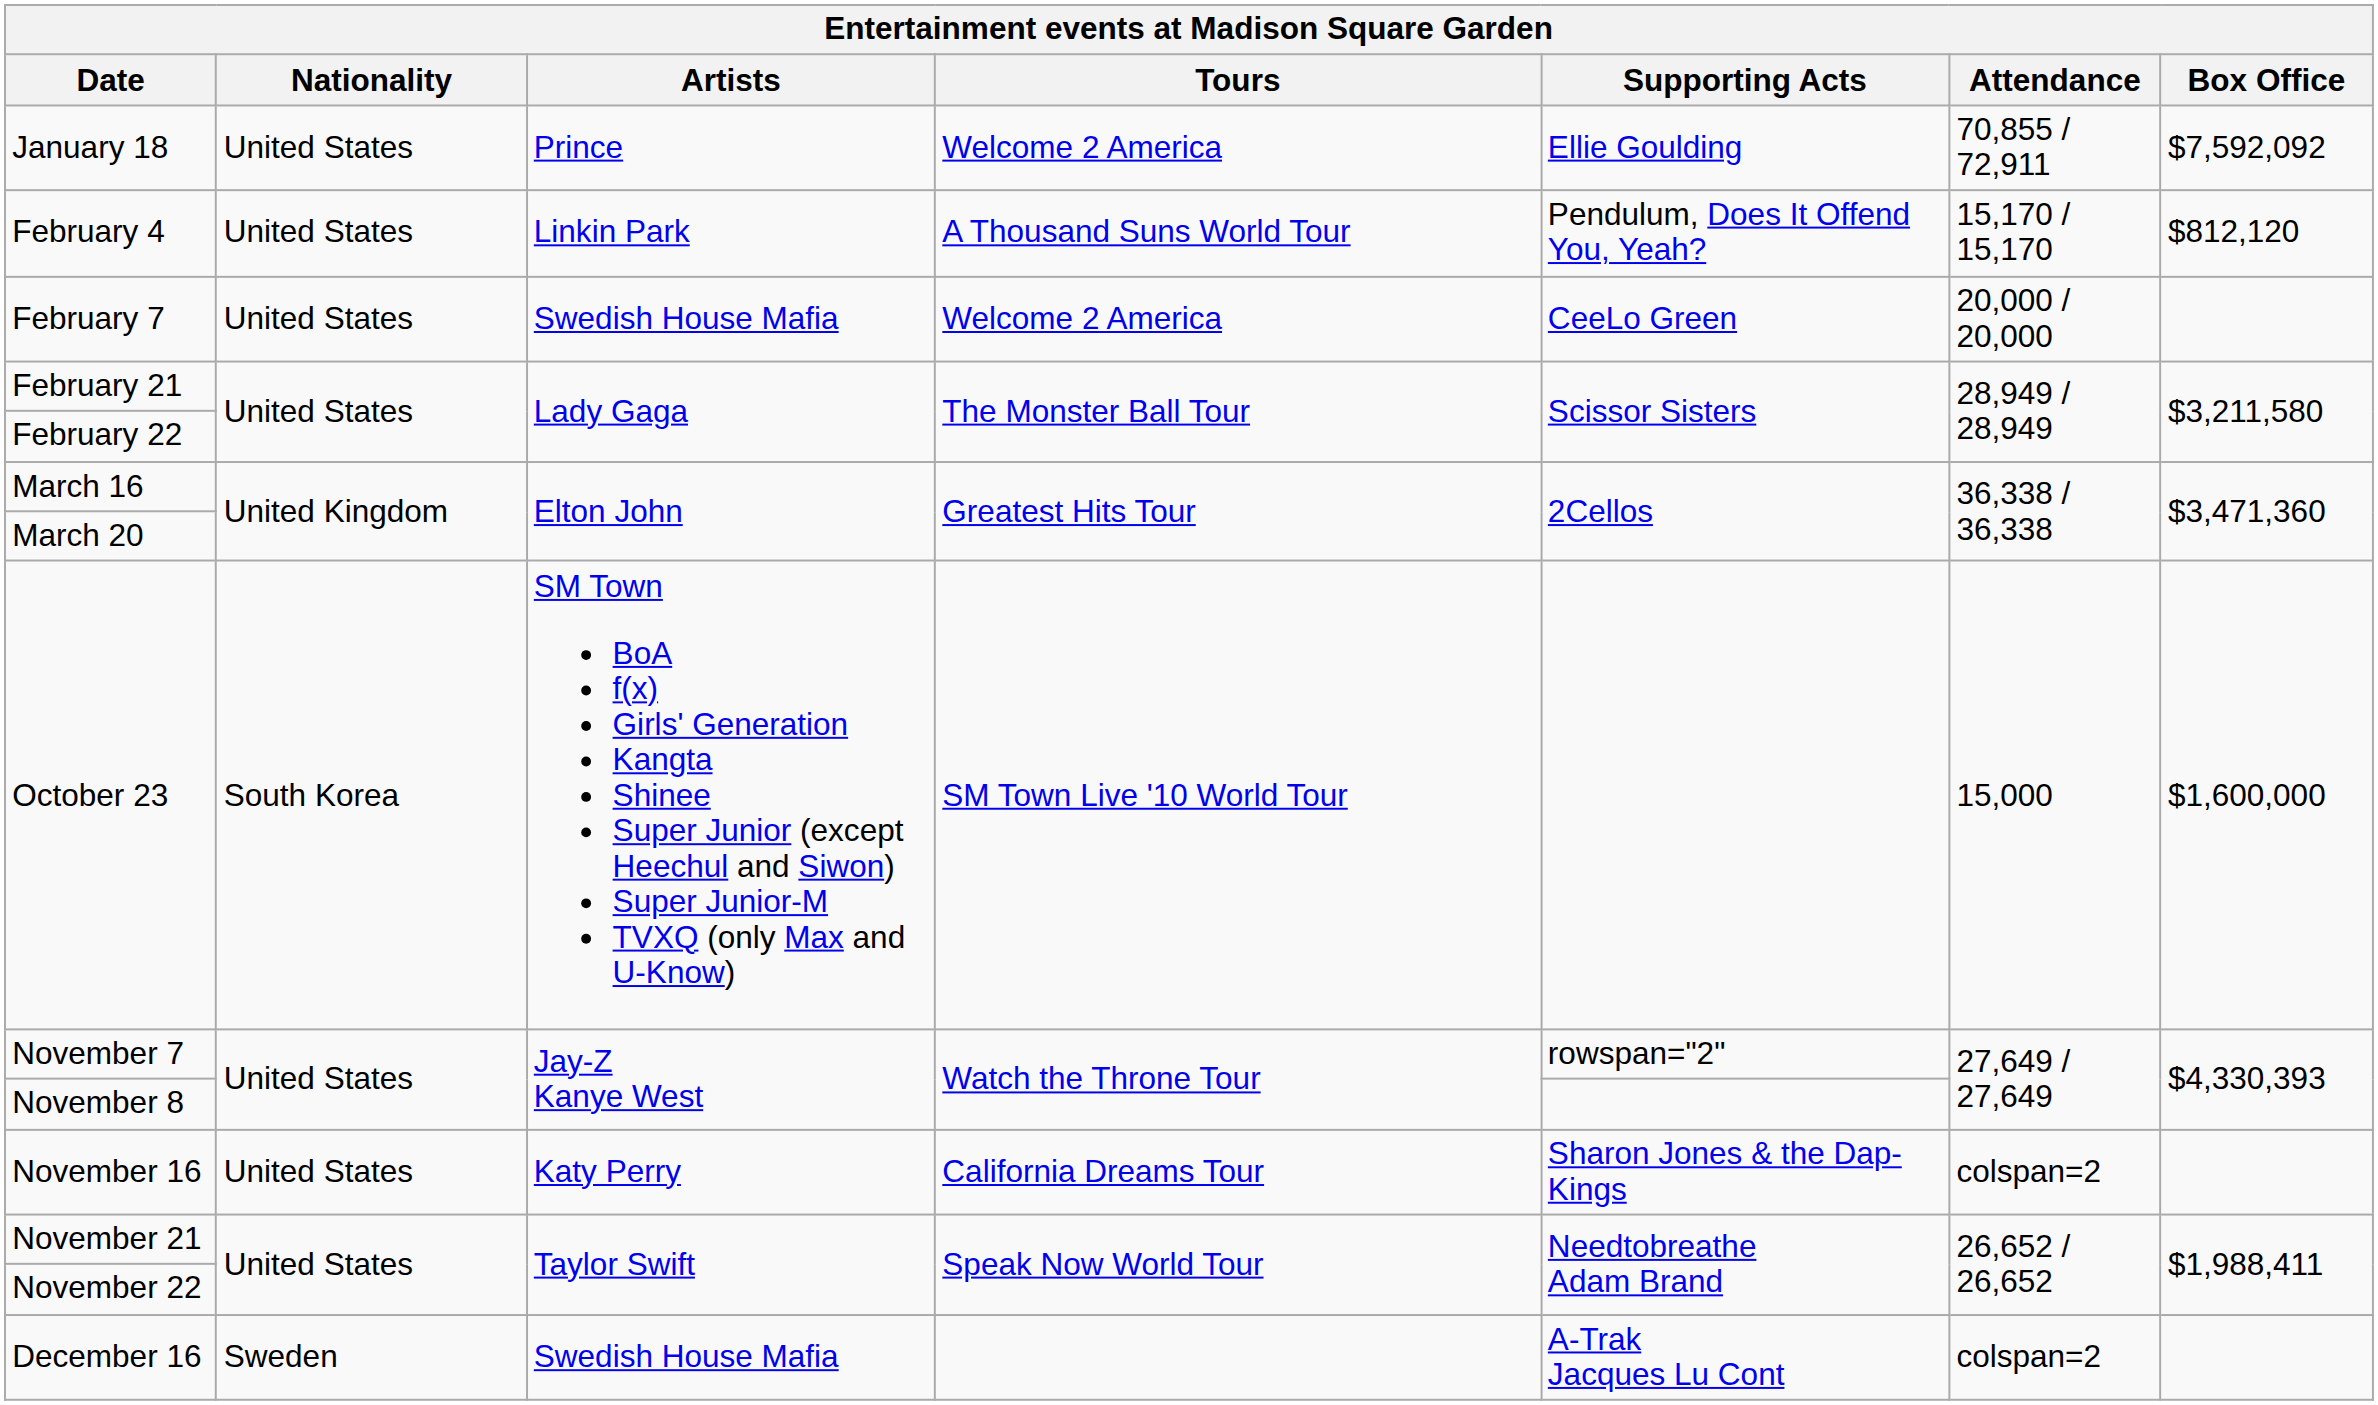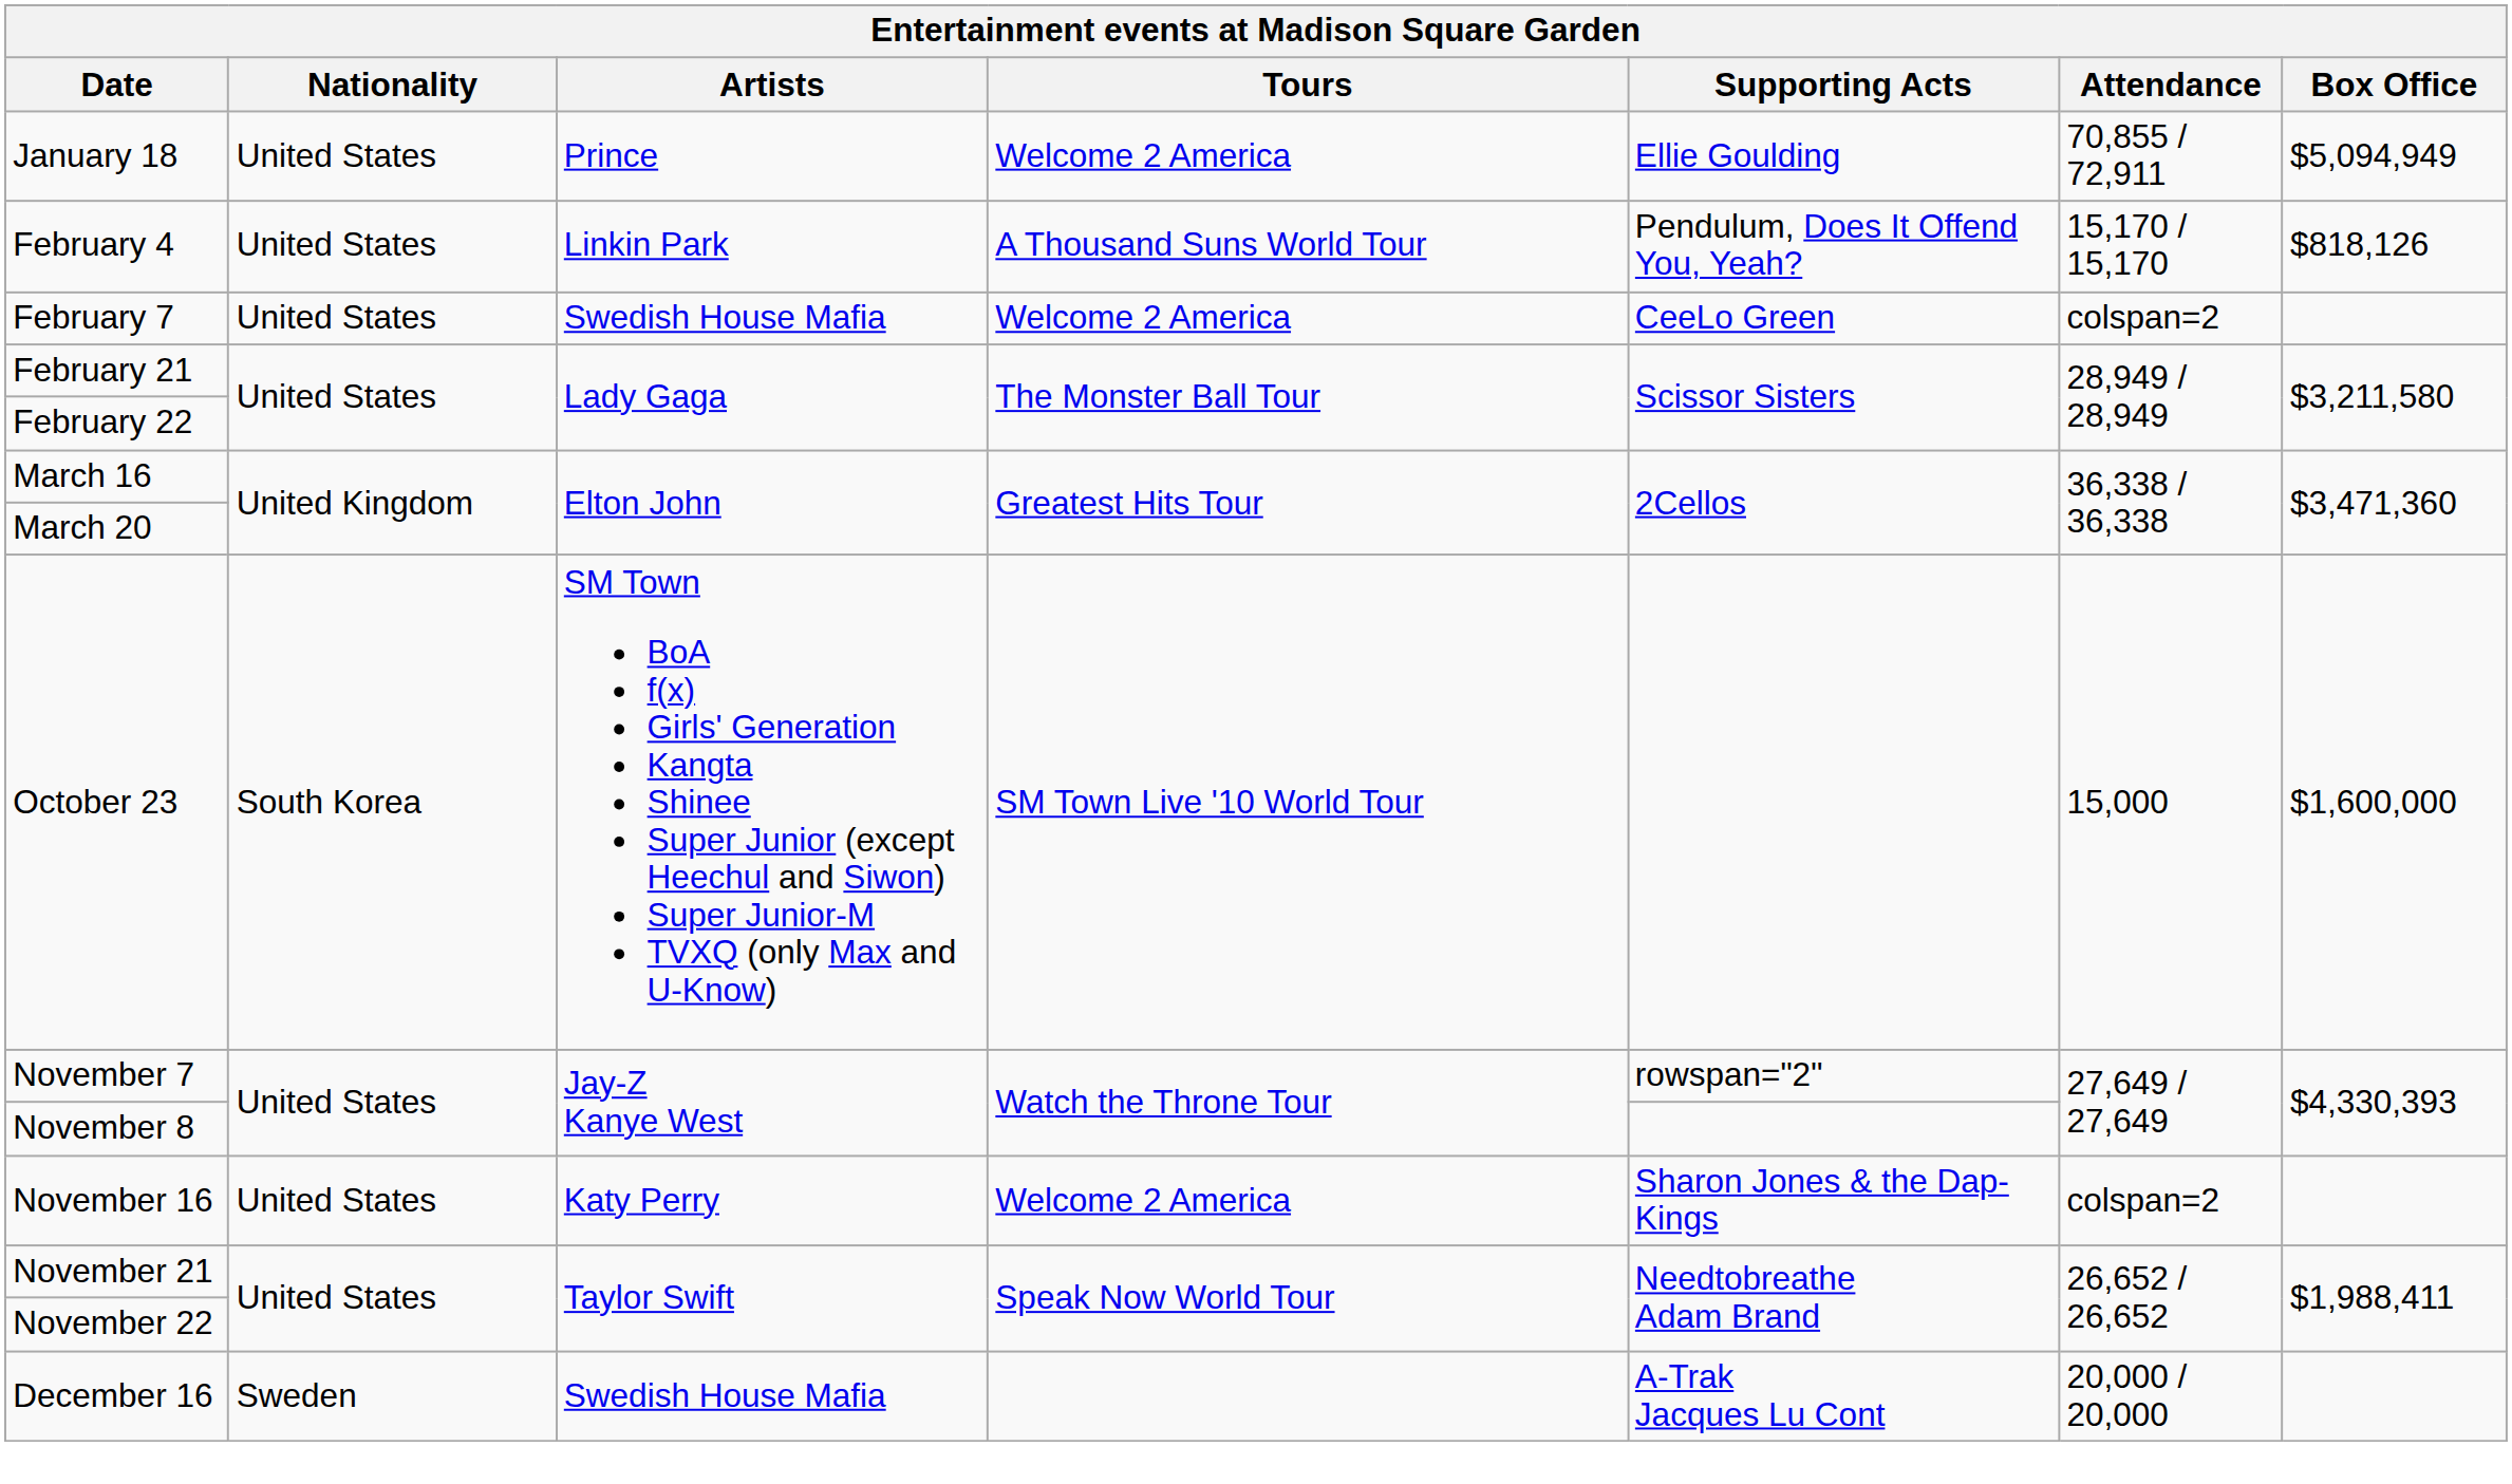 <table class="wikitable">
 <tr>
 <th colspan="7">Entertainment events at Madison Square Garden</th>
 </tr>
 <tr>
 <th width=100>Date</th>
 <th width=150>Nationality</th>
 <th width=200>Artists</th>
 <th width=300>Tours</th>
 <th width=200>Supporting Acts</th>
 <th width=100>Attendance</th>
 <th width=100>Box Office</th>
 </tr>
 <tr>
 <td>January 18</td>
 <td>United States</td>
 <td><a href='#'>Prince</a></td>
 <td><a href='#'>Welcome 2 America</a></td>
 <td><a href='#'>Ellie Goulding</a></td>
 <td>70,855 / 72,911</td>
-<td>$7,592,092</td>
+<td>$5,094,949</td>
 </tr>
 <tr>
 <td>February 4</td>
 <td>United States</td>
 <td><a href='#'>Linkin Park</a></td>
 <td><a href='#'>A Thousand Suns World Tour</a></td>
 <td>Pendulum, <a href='#'>Does It Offend You, Yeah?</a></td>
 <td>15,170 / 15,170</td>
-<td>$812,120</td>
+<td>$818,126</td>
 </tr>
 <tr>
 <td>February 7</td>
 <td>United States</td>
 <td><a href='#'>Swedish House Mafia</a></td>
 <td><a href='#'>Welcome 2 America</a></td>
 <td><a href='#'>CeeLo Green</a></td>
-<td>20,000 / 20,000</td>
+<td>colspan=2 </td>
 </tr>
 <tr>
 <td>February 21</td>
 <td rowspan=2>United States</td>
 <td rowspan=2><a href='#'>Lady Gaga</a></td>
 <td rowspan=2><a href='#'>The Monster Ball Tour</a></td>
 <td rowspan=2><a href='#'>Scissor Sisters</a></td>
 <td rowspan=2>28,949 / 28,949</td>
 <td rowspan=2>$3,211,580</td>
 </tr>
 <tr>
 <td>February 22</td>
 </tr>
 <tr>
 <td>March 16</td>
 <td rowspan=2>United Kingdom</td>
 <td rowspan=2><a href='#'>Elton John</a></td>
 <td rowspan=2><a href='#'>Greatest Hits Tour</a></td>
 <td rowspan=2><a href='#'>2Cellos</a></td>
 <td rowspan=2>36,338 / 36,338</td>
 <td rowspan=2>$3,471,360</td>
 </tr>
 <tr>
 <td>March 20</td>
 </tr>
 <tr>
 <td>October 23</td>
 <td>South Korea</td>
 <td><a href='#'>SM Town</a><br><ul><li><a href='#'>BoA</a></li><li><a href='#'>f(x)</a></li><li><a href='#'>Girls' Generation</a></li><li><a href='#'>Kangta</a></li><li><a href='#'>Shinee</a></li><li><a href='#'>Super Junior</a> (except <a href='#'>Heechul</a> and <a href='#'>Siwon</a>)</li><li><a href='#'>Super Junior-M</a></li><li><a href='#'>TVXQ</a> (only <a href='#'>Max</a> and <a href='#'>U-Know</a>)</li></ul></td>
 <td><a href='#'>SM Town Live '10 World Tour</a></td>
 <td></td>
 <td>15,000</td>
 <td>$1,600,000</td>
 </tr>
 <tr>
 <td>November 7</td>
 <td rowspan="2">United States</td>
 <td rowspan="2"><a href='#'>Jay-Z</a><br><a href='#'>Kanye West</a></td>
 <td rowspan="2"><a href='#'>Watch the Throne Tour</a></td>
 <td>rowspan="2" </td>
 <td rowspan="2">27,649 / 27,649</td>
 <td rowspan="2">$4,330,393</td>
 </tr>
 <tr>
 <td>November 8</td>
 </tr>
 <tr>
 <td>November 16</td>
 <td>United States</td>
 <td><a href='#'>Katy Perry</a></td>
-<td><a href='#'>California Dreams Tour</a></td>
+<td><a href='#'>Welcome 2 America</a></td>
 <td><a href='#'>Sharon Jones & the Dap-Kings</a></td>
 <td>colspan=2 </td>
 </tr>
 <tr>
 <td>November 21</td>
 <td rowspan=2>United States</td>
 <td rowspan=2><a href='#'>Taylor Swift</a></td>
 <td rowspan=2><a href='#'>Speak Now World Tour</a></td>
 <td rowspan=2><a href='#'>Needtobreathe</a><br><a href='#'>Adam Brand</a></td>
 <td rowspan=2>26,652 / 26,652</td>
 <td rowspan=2>$1,988,411</td>
 </tr>
 <tr>
 <td>November 22</td>
 </tr>
 <tr>
 <td>December 16</td>
 <td rowspan=2>Sweden</td>
 <td><a href='#'>Swedish House Mafia</a></td>
 <td></td>
 <td><a href='#'>A-Trak</a><br><a href='#'>Jacques Lu Cont</a></td>
-<td>colspan=2 </td>
+<td>20,000 / 20,000</td>
 <td></td>
 </tr>
 </table>
